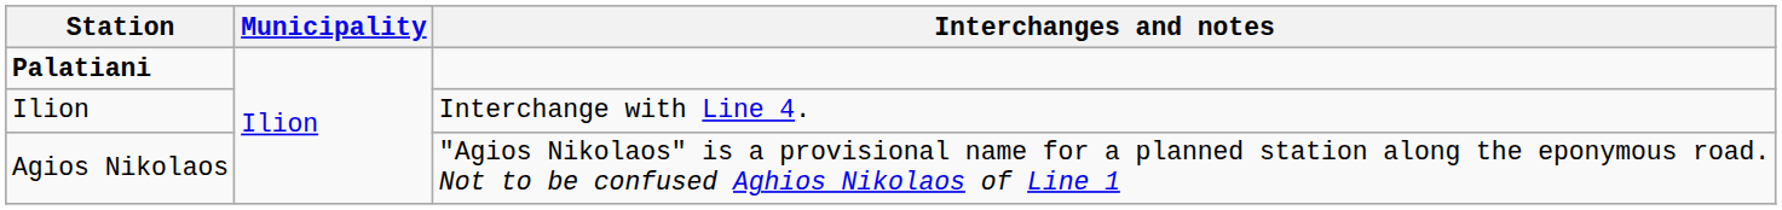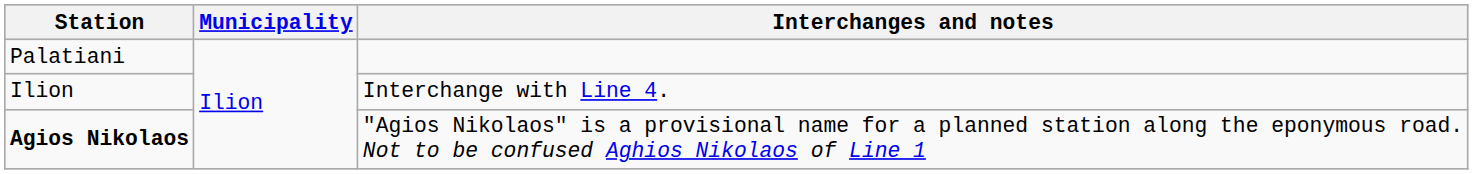 <table class="wikitable sortable">
 <tr>
 <th>Station</th>
 <th><a href='#'>Municipality</a></th>
 <th class="unsortable">Interchanges and notes</th>
 </tr>
 <tr>
-<td><strong>Palatiani</strong></td>
+<td>Palatiani</td>
 <td rowspan=3><a href='#'>Ilion</a></td>
 <td></td>
 </tr>
 <tr>
 <td>Ilion</td>
 <td>Interchange with <a href='#'>Line 4</a>.</td>
 </tr>
 <tr>
-<td>Agios Nikolaos</td>
+<td><strong>Agios Nikolaos</strong></td>
 <td>"Agios Nikolaos" is a provisional name for a planned station along the eponymous road.<br><em>Not to be confused <a href='#'>Aghios Nikolaos</a> of <a href='#'>Line 1</a></em></td>
 </tr>
 </table>
